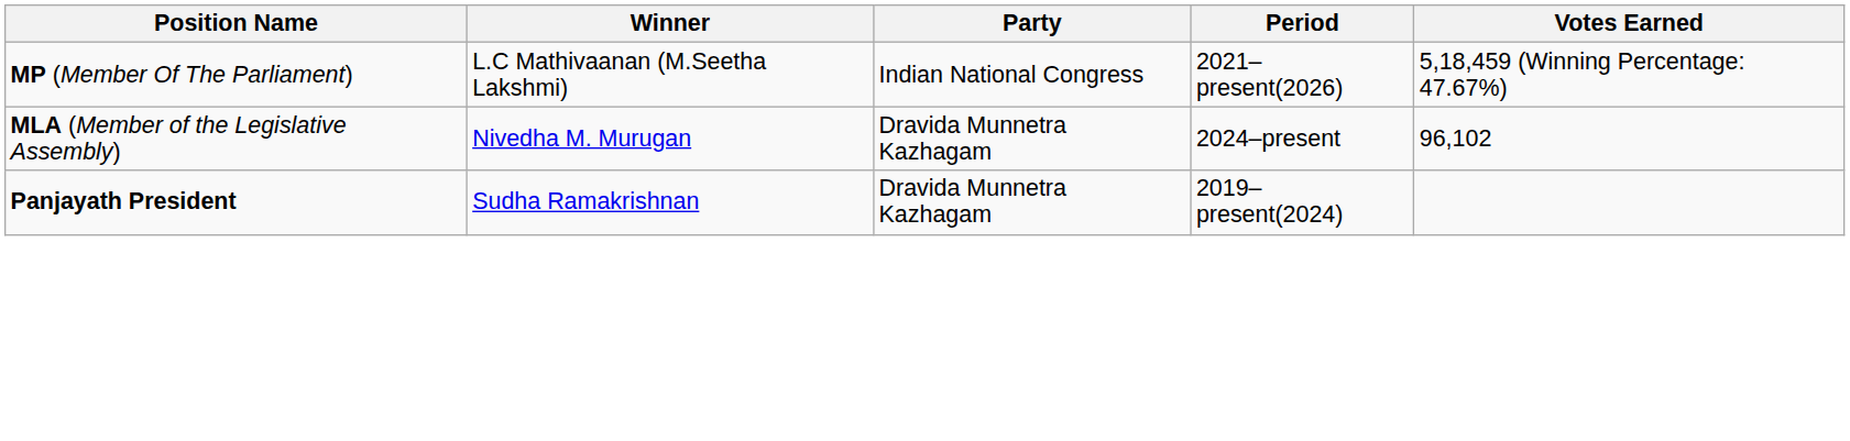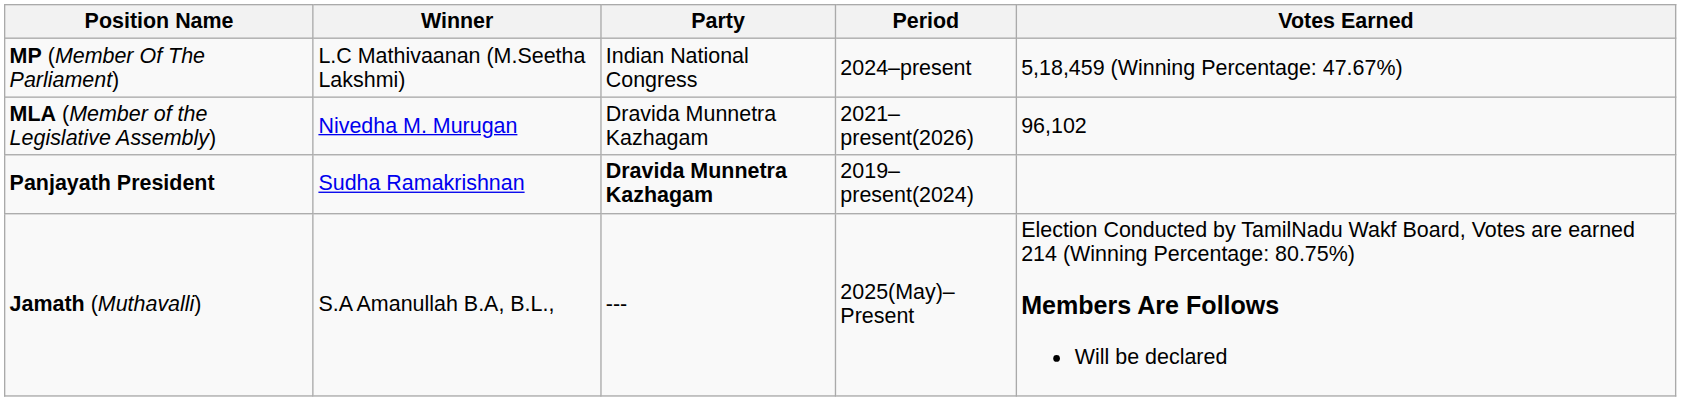 <table class="wikitable">
 <tr>
 <th>Position Name</th>
 <th>Winner</th>
 <th>Party</th>
 <th>Period</th>
 <th>Votes Earned</th>
 </tr>
 <tr>
 <td><strong>MP</strong> (<em>Member Of The Parliament</em>)</td>
 <td>L.C Mathivaanan (M.Seetha Lakshmi)</td>
 <td>Indian National Congress</td>
-<td>2021–present(2026)</td>
+<td>2024–present</td>
 <td>5,18,459 (Winning Percentage: 47.67%) </td>
 </tr>
 <tr>
 <td><strong>MLA</strong> (<em>Member of the Legislative Assembly</em>)</td>
 <td><a href='#'>Nivedha M. Murugan</a></td>
 <td>Dravida Munnetra Kazhagam</td>
-<td>2024–present</td>
+<td>2021–present(2026)</td>
 <td>96,102</td>
 </tr>
 <tr>
 <td><strong>Panjayath President</strong></td>
 <td><a href='#'>Sudha Ramakrishnan</a></td>
-<td>Dravida Munnetra Kazhagam</td>
+<td><strong>Dravida Munnetra Kazhagam</strong></td>
 <td>2019–present(2024)</td>
 <td></td>
 </tr>
+<tr>
+<td><strong>Jamath</strong> (<em>Muthavalli</em>)</td>
+<td>S.A Amanullah B.A, B.L.,</td>
+<td>---</td>
+<td>2025(May)–Present</td>
+<td>Election Conducted by TamilNadu Wakf Board, Votes are earned 214 (Winning Percentage: 80.75%)<br><h3>Members Are Follows</h3><ul><li>Will be declared</li></ul></td>
+</tr>
 </table>
